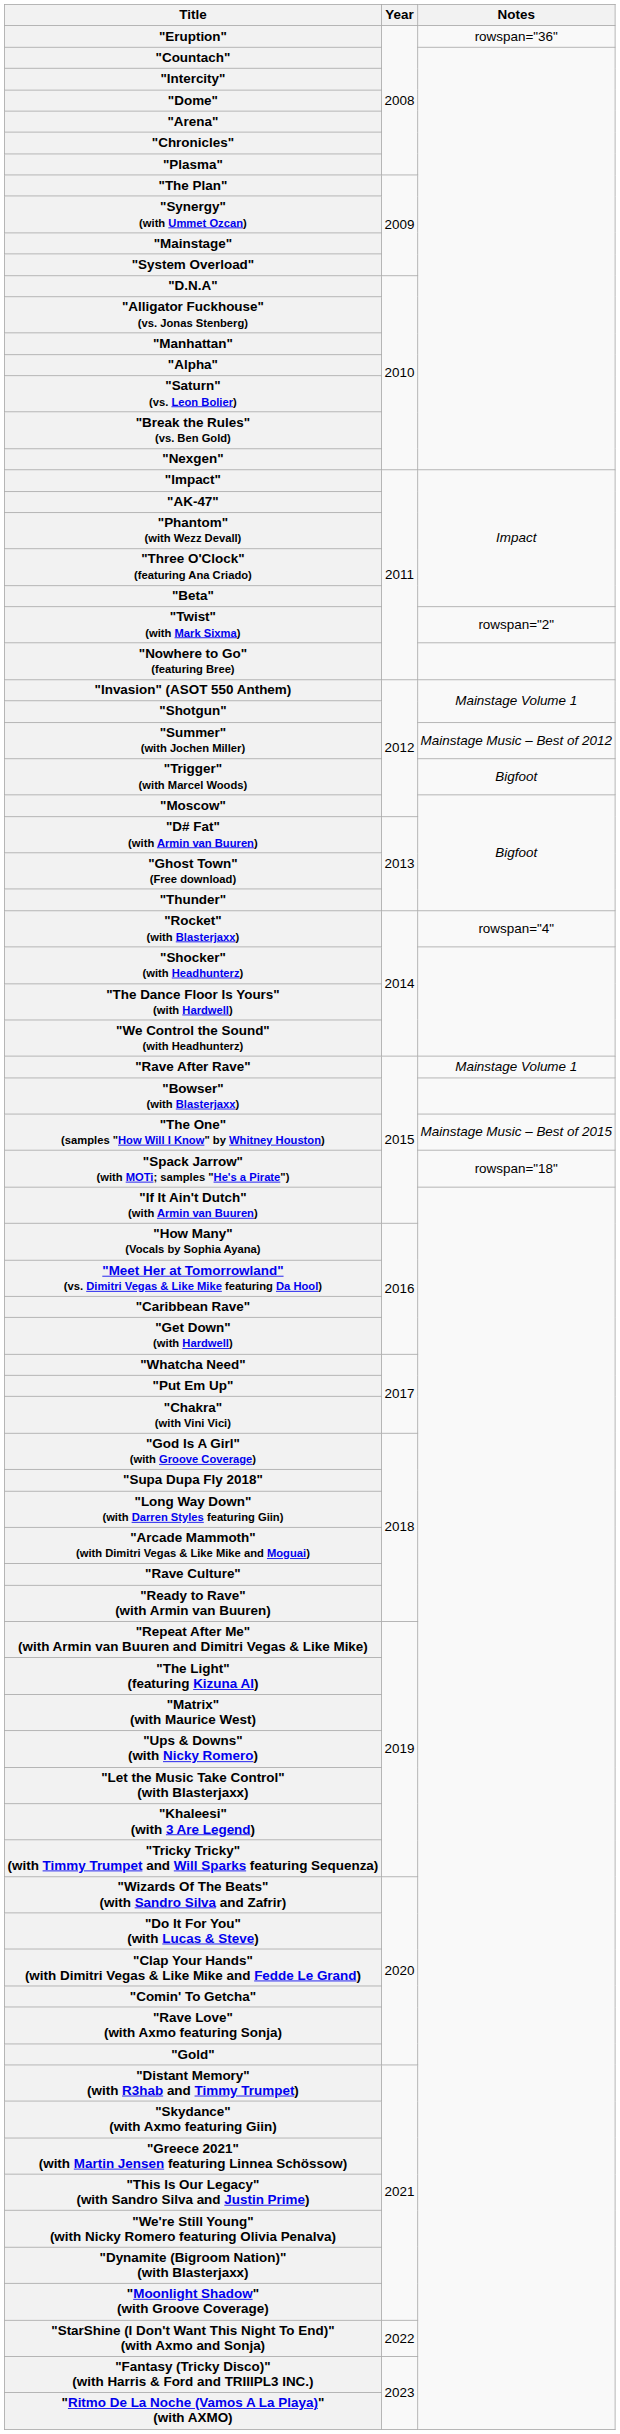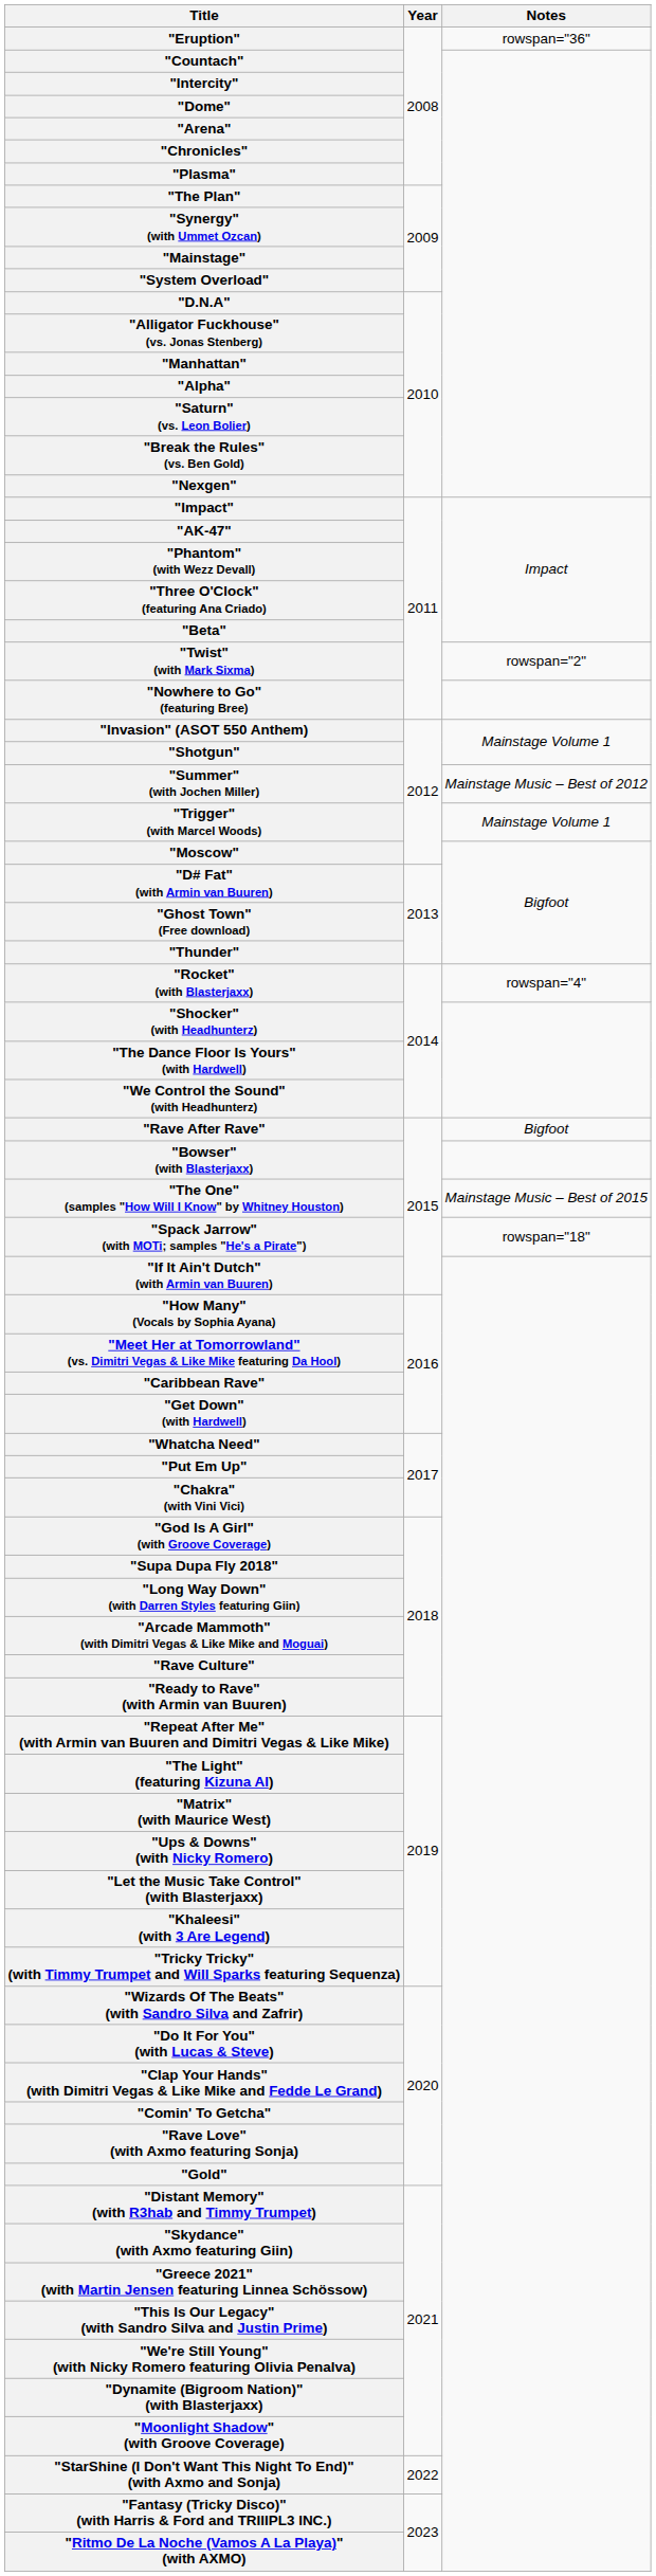 <table class="wikitable plainrowheaders" style="text-align:center;" border="1">
 <tr>
 <th>Title</th>
 <th>Year</th>
 <th>Notes</th>
 </tr>
 <tr>
 <th scope="row">"Eruption"</th>
 <td rowspan="7">2008</td>
 <td>rowspan="36" </td>
 </tr>
 <tr>
 <th scope="row">"Countach"</th>
 </tr>
 <tr>
 <th scope="row">"Intercity"</th>
 </tr>
 <tr>
 <th scope="row">"Dome"</th>
 </tr>
 <tr>
 <th scope="row">"Arena"</th>
 </tr>
 <tr>
 <th scope="row">"Chronicles"</th>
 </tr>
 <tr>
 <th scope="row">"Plasma"</th>
 </tr>
 <tr>
 <th scope="row">"The Plan"</th>
 <td rowspan="4">2009</td>
 </tr>
 <tr>
 <th scope="row">"Synergy" <small><br>(with <a href='#'>Ummet Ozcan</a>)</small></th>
 </tr>
 <tr>
 <th scope="row">"Mainstage"</th>
 </tr>
 <tr>
 <th scope="row">"System Overload"</th>
 </tr>
 <tr>
 <th scope="row">"D.N.A"</th>
 <td rowspan="7">2010</td>
 </tr>
 <tr>
 <th scope="row">"Alligator Fuckhouse" <small><br>(vs. Jonas Stenberg)</small></th>
 </tr>
 <tr>
 <th scope="row">"Manhattan"</th>
 </tr>
 <tr>
 <th scope="row">"Alpha"</th>
 </tr>
 <tr>
 <th scope="row">"Saturn" <small><br>(vs. <a href='#'>Leon Bolier</a>)</small></th>
 </tr>
 <tr>
 <th scope="row">"Break the Rules" <small><br>(vs. Ben Gold)</small></th>
 </tr>
 <tr>
 <th scope="row">"Nexgen"</th>
 </tr>
 <tr>
 <th scope="row">"Impact"</th>
 <td rowspan="7">2011</td>
 <td rowspan="5"><em>Impact</em></td>
 </tr>
 <tr>
 <th scope="row">"AK-47"</th>
 </tr>
 <tr>
 <th scope="row">"Phantom" <small><br>(with Wezz Devall)</small></th>
 </tr>
 <tr>
 <th scope="row">"Three O'Clock" <br><small>(featuring Ana Criado)</small></th>
 </tr>
 <tr>
 <th scope="row">"Beta"</th>
 </tr>
 <tr>
 <th scope="row">"Twist" <br><small>(with <a href='#'>Mark Sixma</a>)</small></th>
 <td>rowspan="2" </td>
 </tr>
 <tr>
 <th scope="row">"Nowhere to Go" <small><br>(featuring Bree)</small></th>
 </tr>
 <tr>
 <th scope="row">"Invasion" (ASOT 550 Anthem)</th>
 <td rowspan="5">2012</td>
 <td rowspan="2"><em>Mainstage Volume 1</em></td>
 </tr>
 <tr>
 <th scope="row">"Shotgun"</th>
 </tr>
 <tr>
 <th scope="row">"Summer" <br><small>(with Jochen Miller)</small></th>
 <td><em>Mainstage Music – Best of 2012</em></td>
 </tr>
 <tr>
 <th scope="row">"Trigger" <br><small>(with Marcel Woods)</small></th>
-<td><em>Bigfoot</em></td>
+<td><em>Mainstage Volume 1</em></td>
 </tr>
 <tr>
 <th scope="row">"Moscow"</th>
 <td rowspan="4"><em>Bigfoot</em></td>
 </tr>
 <tr>
 <th scope="row">"D# Fat" <br><small>(with <a href='#'>Armin van Buuren</a>)</small></th>
 <td rowspan="3">2013</td>
 </tr>
 <tr>
 <th scope="row">"Ghost Town" <br><small>(Free download)</small></th>
 </tr>
 <tr>
 <th scope="row">"Thunder"</th>
 </tr>
 <tr>
 <th scope="row">"Rocket" <small><br>(with <a href='#'>Blasterjaxx</a>)</small></th>
 <td rowspan="4">2014</td>
 <td>rowspan="4" </td>
 </tr>
 <tr>
 <th scope="row">"Shocker" <br><small>(with <a href='#'>Headhunterz</a>)</small></th>
 </tr>
 <tr>
 <th scope="row">"The Dance Floor Is Yours" <small><br>(with <a href='#'>Hardwell</a>)</small></th>
 </tr>
 <tr>
 <th scope="row">"We Control the Sound" <small><br>(with Headhunterz)</small></th>
 </tr>
 <tr>
 <th scope="row">"Rave After Rave"</th>
 <td rowspan="5">2015</td>
-<td><em>Mainstage Volume 1</em></td>
+<td><em>Bigfoot</em></td>
 </tr>
 <tr>
 <th scope="row">"Bowser" <small><br>(with <a href='#'>Blasterjaxx</a>)</small></th>
 <td></td>
 </tr>
 <tr>
 <th scope="row">"The One" <br><small>(samples "<a href='#'>How Will I Know</a>" by <a href='#'>Whitney Houston</a>)</small></th>
 <td><em>Mainstage Music – Best of 2015</em></td>
 </tr>
 <tr>
 <th scope="row">"Spack Jarrow" <small><br>(with <a href='#'>MOTi</a>; samples "<a href='#'>He's a Pirate</a>")</small></th>
 <td>rowspan="18" </td>
 </tr>
 <tr>
 <th scope="row">"If It Ain't Dutch" <small><br>(with <a href='#'>Armin van Buuren</a>)</small></th>
 </tr>
 <tr>
 <th scope="row">"How Many" <small><br>(Vocals by Sophia Ayana)</small></th>
 <td rowspan="4">2016</td>
 </tr>
 <tr>
 <th scope="row"><a href='#'>"Meet Her at Tomorrowland"</a> <small><br>(vs. <a href='#'>Dimitri Vegas & Like Mike</a> featuring <a href='#'>Da Hool</a>)</small></th>
 </tr>
 <tr>
 <th scope="row">"Caribbean Rave"</th>
 </tr>
 <tr>
 <th scope="row">"Get Down" <small><br>(with <a href='#'>Hardwell</a>)</small></th>
 </tr>
 <tr>
 <th scope="row">"Whatcha Need"</th>
 <td rowspan="3">2017</td>
 </tr>
 <tr>
 <th scope="row">"Put Em Up"</th>
 </tr>
 <tr>
 <th scope="row">"Chakra" <small><br>(with Vini Vici)</small></th>
 </tr>
 <tr>
 <th scope="row">"God Is A Girl" <small><br>(with <a href='#'>Groove Coverage</a>)</small></th>
 <td rowspan="6">2018</td>
 </tr>
 <tr>
 <th scope="row">"Supa Dupa Fly 2018"</th>
 </tr>
 <tr>
 <th scope="row">"Long Way Down" <small><br>(with <a href='#'>Darren Styles</a> featuring Giin)</small></th>
 </tr>
 <tr>
 <th scope="row">"Arcade Mammoth" <small><br>(with Dimitri Vegas & Like Mike and <a href='#'>Moguai</a>)</small></th>
 </tr>
 <tr>
 <th scope="row">"Rave Culture"</th>
 </tr>
 <tr>
 <th scope="row">"Ready to Rave" <br><span>(with Armin van Buuren)</span></th>
 </tr>
 <tr>
 <th scope="row">"Repeat After Me" <br><span>(with Armin van Buuren and Dimitri Vegas & Like Mike)</span></th>
 <td rowspan="7">2019</td>
 </tr>
 <tr>
 <th scope="row">"The Light" <br><span>(featuring <a href='#'>Kizuna AI</a>)</span></th>
 </tr>
 <tr>
 <th scope="row">"Matrix" <br><span>(with Maurice West)</span></th>
 </tr>
 <tr>
 <th scope="row">"Ups & Downs" <br><span>(with <a href='#'>Nicky Romero</a>)</span></th>
 </tr>
 <tr>
 <th scope="row">"Let the Music Take Control" <br><span>(with Blasterjaxx)</span></th>
 </tr>
 <tr>
 <th scope="row">"Khaleesi" <br><span>(with <a href='#'>3 Are Legend</a>)</span></th>
 </tr>
 <tr>
 <th scope="row">"Tricky Tricky" <br><span>(with <a href='#'>Timmy Trumpet</a> and <a href='#'>Will Sparks</a> featuring Sequenza)</span></th>
 </tr>
 <tr>
 <th scope="row">"Wizards Of The Beats" <br><span>(with <a href='#'>Sandro Silva</a> and Zafrir)</span></th>
 <td rowspan="6">2020</td>
 </tr>
 <tr>
 <th scope="row">"Do It For You"<br><span>(with <a href='#'>Lucas & Steve</a>)</span></th>
 </tr>
 <tr>
 <th scope="row">"Clap Your Hands"<br><span>(with Dimitri Vegas & Like Mike and <a href='#'>Fedde Le Grand</a>)</span></th>
 </tr>
 <tr>
 <th scope="row">"Comin' To Getcha"</th>
 </tr>
 <tr>
 <th scope="row">"Rave Love" <br><span>(with Axmo featuring Sonja)</span></th>
 </tr>
 <tr>
 <th scope="row">"Gold"</th>
 </tr>
 <tr>
 <th scope="row">"Distant Memory" <br><span>(with <a href='#'>R3hab</a> and <a href='#'>Timmy Trumpet</a>)</span></th>
 <td rowspan="7">2021</td>
 </tr>
 <tr>
 <th scope="row">"Skydance" <br><span>(with Axmo featuring Giin)</span></th>
 </tr>
 <tr>
 <th scope="row">"Greece 2021" <br><span>(with <a href='#'>Martin Jensen</a> featuring Linnea Schössow)</span></th>
 </tr>
 <tr>
 <th scope="row">"This Is Our Legacy" <br><span>(with Sandro Silva and <a href='#'>Justin Prime</a>)</span></th>
 </tr>
 <tr>
 <th scope="row">"We're Still Young" <br><span>(with Nicky Romero featuring Olivia Penalva)</span></th>
 </tr>
 <tr>
 <th scope="row">"Dynamite (Bigroom Nation)" <br><span>(with Blasterjaxx)</span></th>
 </tr>
 <tr>
 <th scope="row">"<a href='#'>Moonlight Shadow</a>" <br><span>(with Groove Coverage)</span></th>
 </tr>
 <tr>
 <th scope="row">"StarShine (I Don't Want This Night To End)" <br><span>(with Axmo and Sonja)</span></th>
 <td>2022</td>
 </tr>
 <tr>
 <th scope="row">"Fantasy (Tricky Disco)" <br><span>(with Harris & Ford and TRIIIPL3 INC.)</span></th>
 <td rowspan="2">2023</td>
 </tr>
 <tr>
 <th scope="row">"<a href='#'>Ritmo De La Noche (Vamos A La Playa)</a>"  <br><span>(with AXMO)</span></th>
 </tr>
 </table>
